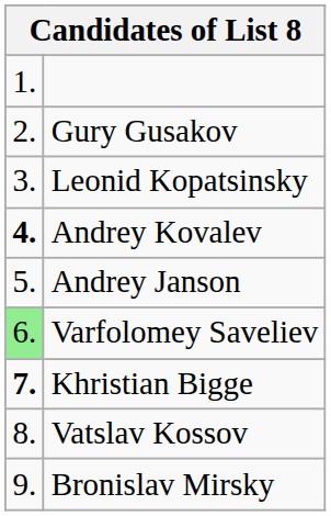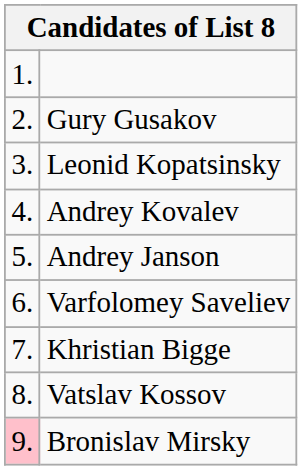 <table class=wikitable>
 <tr>
 <th colspan=3>Candidates of List 8</th>
 </tr>
 <tr>
 <td>1.</td>
 <td></td>
 </tr>
 <tr>
 <td>2.</td>
 <td>Gury Gusakov</td>
 </tr>
 <tr>
 <td>3.</td>
 <td>Leonid Kopatsinsky</td>
 </tr>
 <tr>
-<td><strong>4.</strong></td>
+<td>4.</td>
 <td>Andrey Kovalev</td>
 </tr>
 <tr>
 <td>5.</td>
 <td>Andrey Janson</td>
 </tr>
 <tr>
-<td style="background: lightgreen;">6.</td>
+<td>6.</td>
 <td>Varfolomey Saveliev</td>
 </tr>
 <tr>
-<td><strong>7.</strong></td>
+<td>7.</td>
 <td>Khristian Bigge</td>
 </tr>
 <tr>
 <td>8.</td>
 <td>Vatslav Kossov</td>
 </tr>
 <tr>
-<td>9.</td>
+<td style="background: pink;">9.</td>
 <td>Bronislav Mirsky</td>
 </tr>
 </table>
